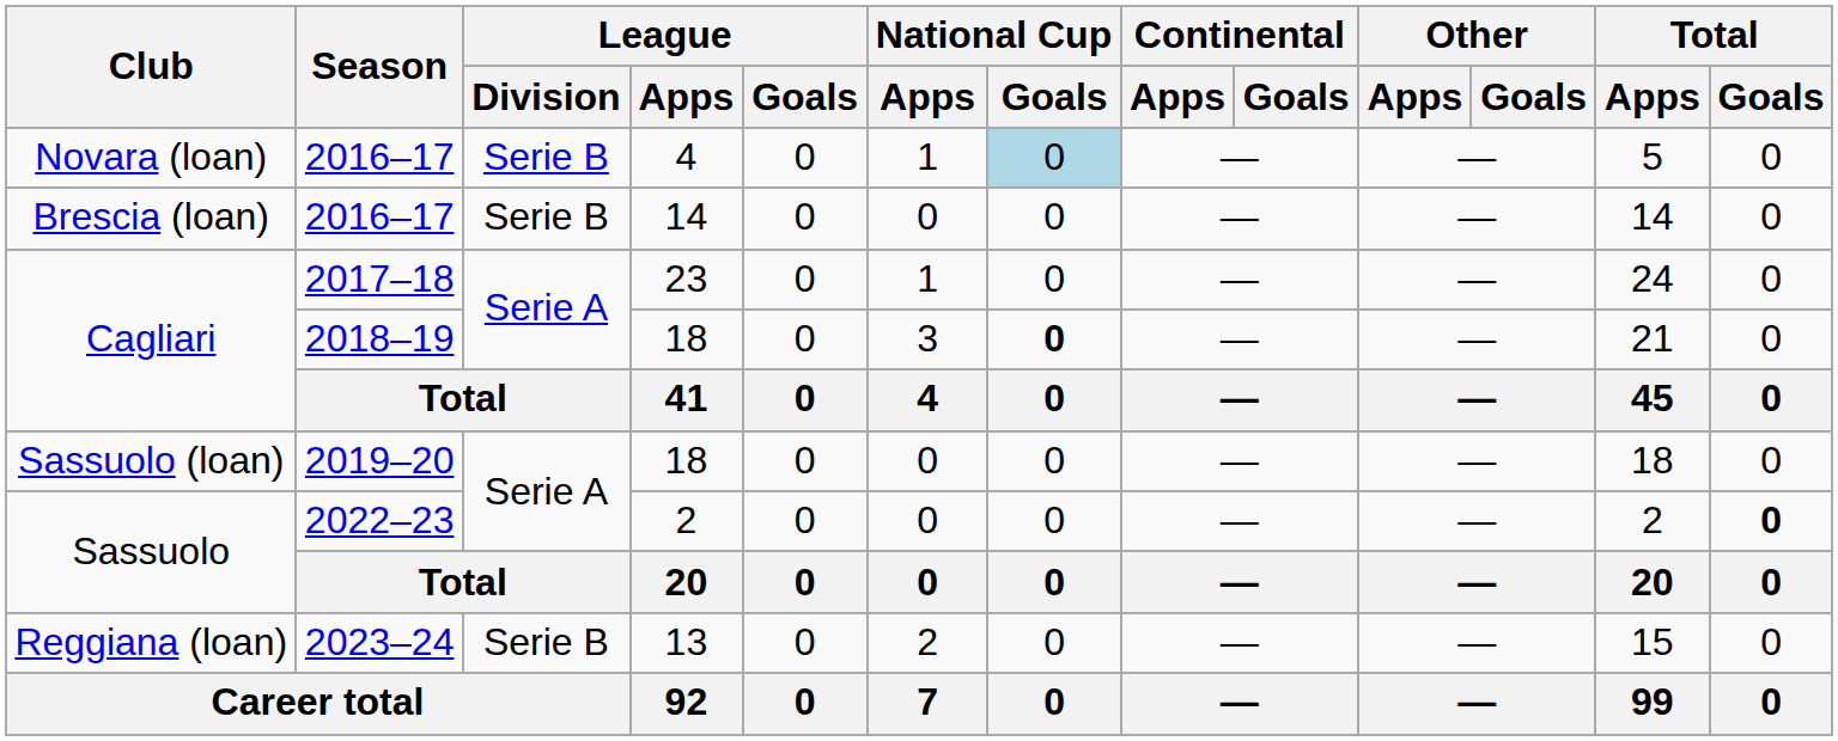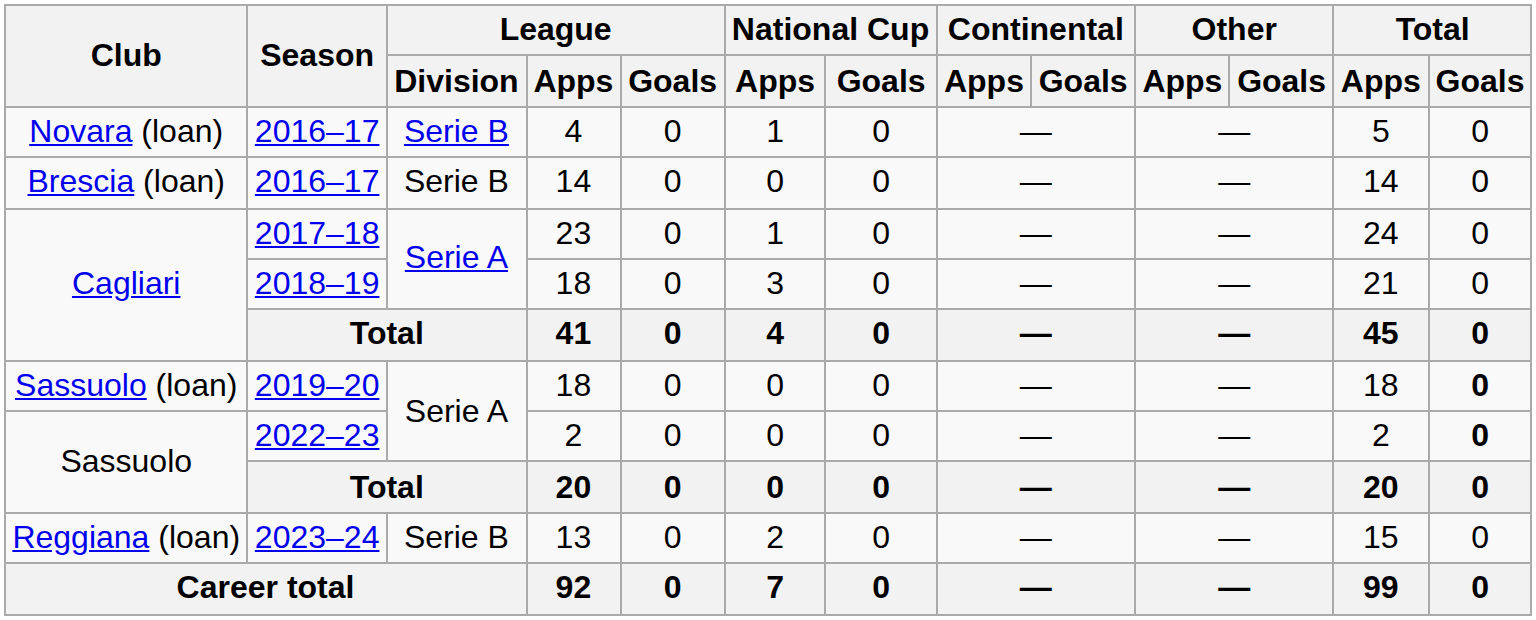 <table class="wikitable" style="text-align:center">
 <tr>
 <th rowspan="2">Club</th>
 <th rowspan="2">Season</th>
 <th colspan="3">League</th>
 <th colspan="2">National Cup</th>
 <th colspan="2">Continental</th>
 <th colspan="2">Other</th>
 <th colspan="2">Total</th>
 </tr>
 <tr>
 <th>Division</th>
 <th>Apps</th>
 <th>Goals</th>
 <th>Apps</th>
 <th>Goals</th>
 <th>Apps</th>
 <th>Goals</th>
 <th>Apps</th>
 <th>Goals</th>
 <th>Apps</th>
 <th>Goals</th>
 </tr>
 <tr>
 <td><a href='#'>Novara</a> (loan)</td>
 <td><a href='#'>2016–17</a></td>
 <td><a href='#'>Serie B</a></td>
 <td>4</td>
 <td>0</td>
 <td>1</td>
-<td style="background: lightblue;">0</td>
+<td>0</td>
 <td colspan="2">—</td>
 <td colspan="2">—</td>
 <td>5</td>
 <td>0</td>
 </tr>
 <tr>
 <td><a href='#'>Brescia</a> (loan)</td>
 <td><a href='#'>2016–17</a></td>
 <td>Serie B</td>
 <td>14</td>
 <td>0</td>
 <td>0</td>
 <td>0</td>
 <td colspan="2">—</td>
 <td colspan="2">—</td>
 <td>14</td>
 <td>0</td>
 </tr>
 <tr>
 <td rowspan="3"><a href='#'>Cagliari</a></td>
 <td><a href='#'>2017–18</a></td>
 <td rowspan="2"><a href='#'>Serie A</a></td>
 <td>23</td>
 <td>0</td>
 <td>1</td>
 <td>0</td>
 <td colspan="2">—</td>
 <td colspan="2">—</td>
 <td>24</td>
 <td>0</td>
 </tr>
 <tr>
 <td><a href='#'>2018–19</a></td>
 <td>18</td>
 <td>0</td>
 <td>3</td>
-<td><strong>0</strong></td>
+<td>0</td>
 <td colspan="2">—</td>
 <td colspan="2">—</td>
 <td>21</td>
 <td>0</td>
 </tr>
 <tr>
 <th colspan="2">Total</th>
 <th>41</th>
 <th>0</th>
 <th>4</th>
 <th>0</th>
 <th colspan="2">—</th>
 <th colspan="2">—</th>
 <th>45</th>
 <th>0</th>
 </tr>
 <tr>
 <td><a href='#'>Sassuolo</a> (loan)</td>
 <td><a href='#'>2019–20</a></td>
 <td rowspan="2">Serie A</td>
 <td>18</td>
 <td>0</td>
 <td>0</td>
 <td>0</td>
 <td colspan="2">—</td>
 <td colspan="2">—</td>
 <td>18</td>
-<td>0</td>
+<td><strong>0</strong></td>
 </tr>
 <tr>
 <td rowspan="2">Sassuolo</td>
 <td><a href='#'>2022–23</a></td>
 <td>2</td>
 <td>0</td>
 <td>0</td>
 <td>0</td>
 <td colspan="2">—</td>
 <td colspan="2">—</td>
 <td>2</td>
 <td><strong>0</strong></td>
 </tr>
 <tr>
 <th colspan="2">Total</th>
 <th>20</th>
 <th>0</th>
 <th>0</th>
 <th>0</th>
 <th colspan="2">—</th>
 <th colspan="2">—</th>
 <th>20</th>
 <th>0</th>
 </tr>
 <tr>
 <td><a href='#'>Reggiana</a> (loan)</td>
 <td><a href='#'>2023–24</a></td>
 <td>Serie B</td>
 <td>13</td>
 <td>0</td>
 <td>2</td>
 <td>0</td>
 <td colspan="2">—</td>
 <td colspan="2">—</td>
 <td>15</td>
 <td>0</td>
 </tr>
 <tr>
 <th colspan="3">Career total</th>
 <th>92</th>
 <th>0</th>
 <th>7</th>
 <th>0</th>
 <th colspan="2">—</th>
 <th colspan="2">—</th>
 <th>99</th>
 <th>0</th>
 </tr>
 </table>
